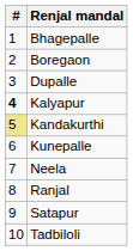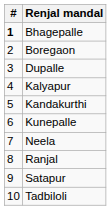 <table class="wikitable">
 <tr>
 <th>#</th>
 <th>Renjal mandal</th>
 </tr>
 <tr>
-<td>1</td>
+<td><strong>1</strong></td>
 <td>Bhagepalle</td>
 </tr>
 <tr>
 <td>2</td>
 <td>Boregaon</td>
 </tr>
 <tr>
 <td>3</td>
 <td>Dupalle</td>
 </tr>
 <tr>
-<td><strong>4</strong></td>
+<td>4</td>
 <td>Kalyapur</td>
 </tr>
 <tr>
-<td style="background: khaki;">5</td>
+<td>5</td>
 <td>Kandakurthi</td>
 </tr>
 <tr>
 <td>6</td>
 <td>Kunepalle</td>
 </tr>
 <tr>
 <td>7</td>
 <td>Neela</td>
 </tr>
 <tr>
 <td>8</td>
 <td>Ranjal</td>
 </tr>
 <tr>
 <td>9</td>
 <td>Satapur</td>
 </tr>
 <tr>
 <td>10</td>
 <td>Tadbiloli</td>
 </tr>
 </table>
